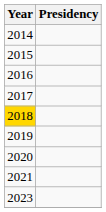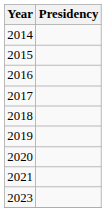 <table class="wikitable">
 <tr>
 <th>Year</th>
 <th>Presidency</th>
 </tr>
 <tr>
 <td>2014</td>
 <td></td>
 </tr>
 <tr>
 <td>2015</td>
 <td></td>
 </tr>
 <tr>
 <td>2016</td>
 <td></td>
 </tr>
 <tr>
 <td>2017</td>
 <td></td>
 </tr>
 <tr>
-<td style="background: gold;">2018</td>
+<td>2018</td>
 <td></td>
 </tr>
 <tr>
 <td>2019</td>
 <td></td>
 </tr>
 <tr>
 <td>2020</td>
 <td></td>
 </tr>
 <tr>
 <td>2021</td>
 <td></td>
 </tr>
 <tr>
 <td>2023</td>
 <td></td>
 </tr>
 <tr>
 </tr>
 </table>
